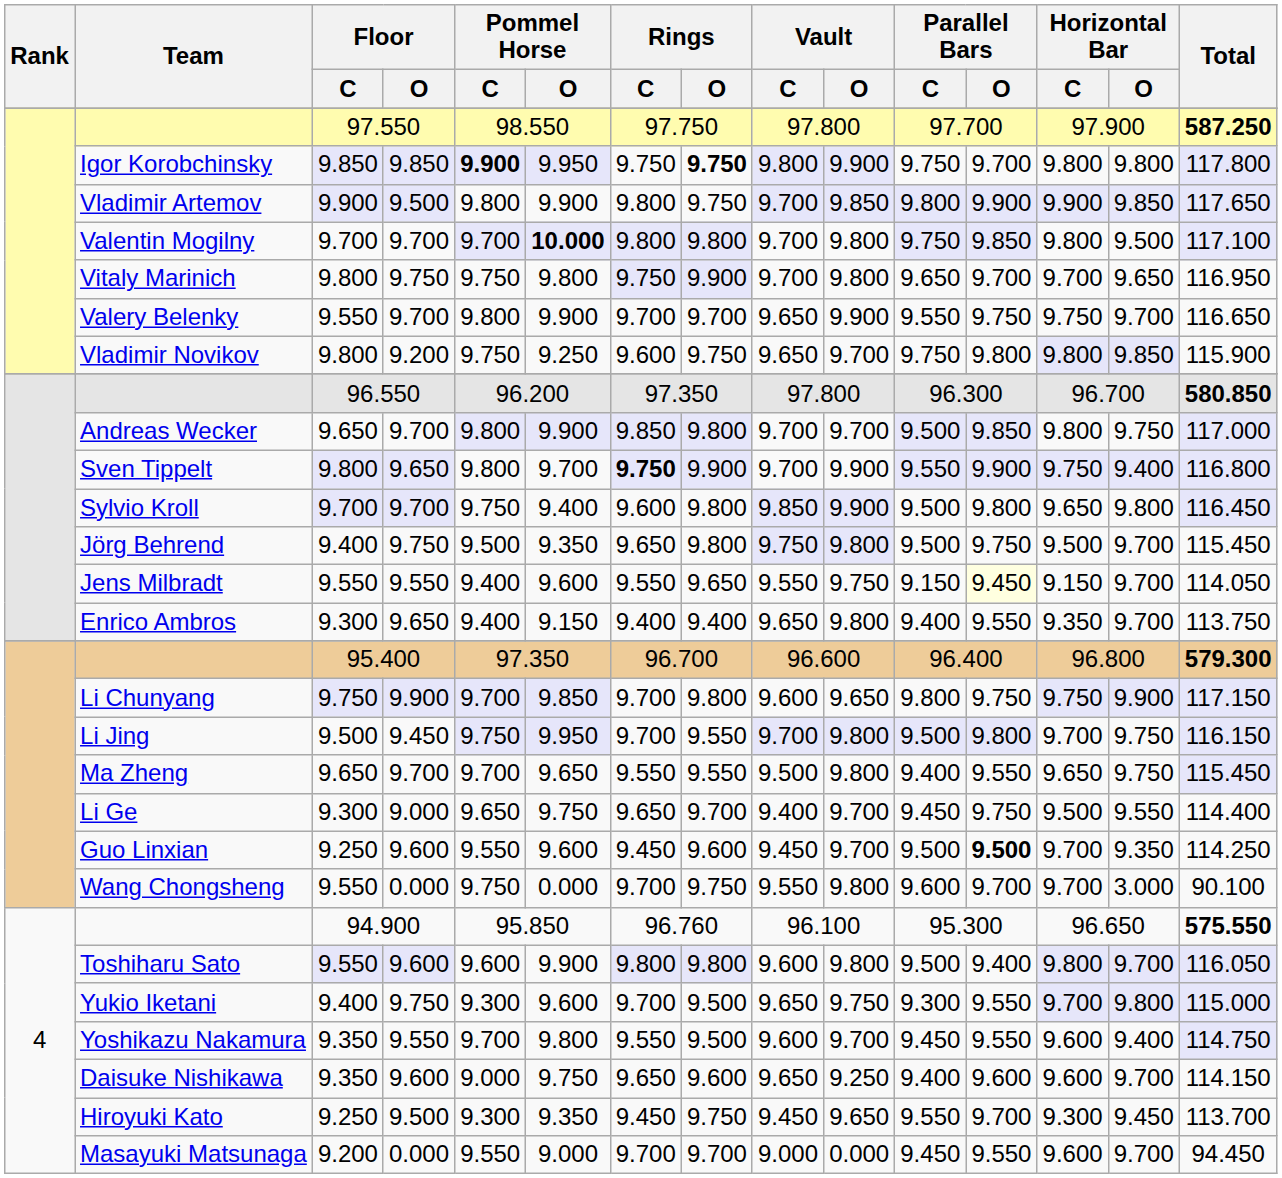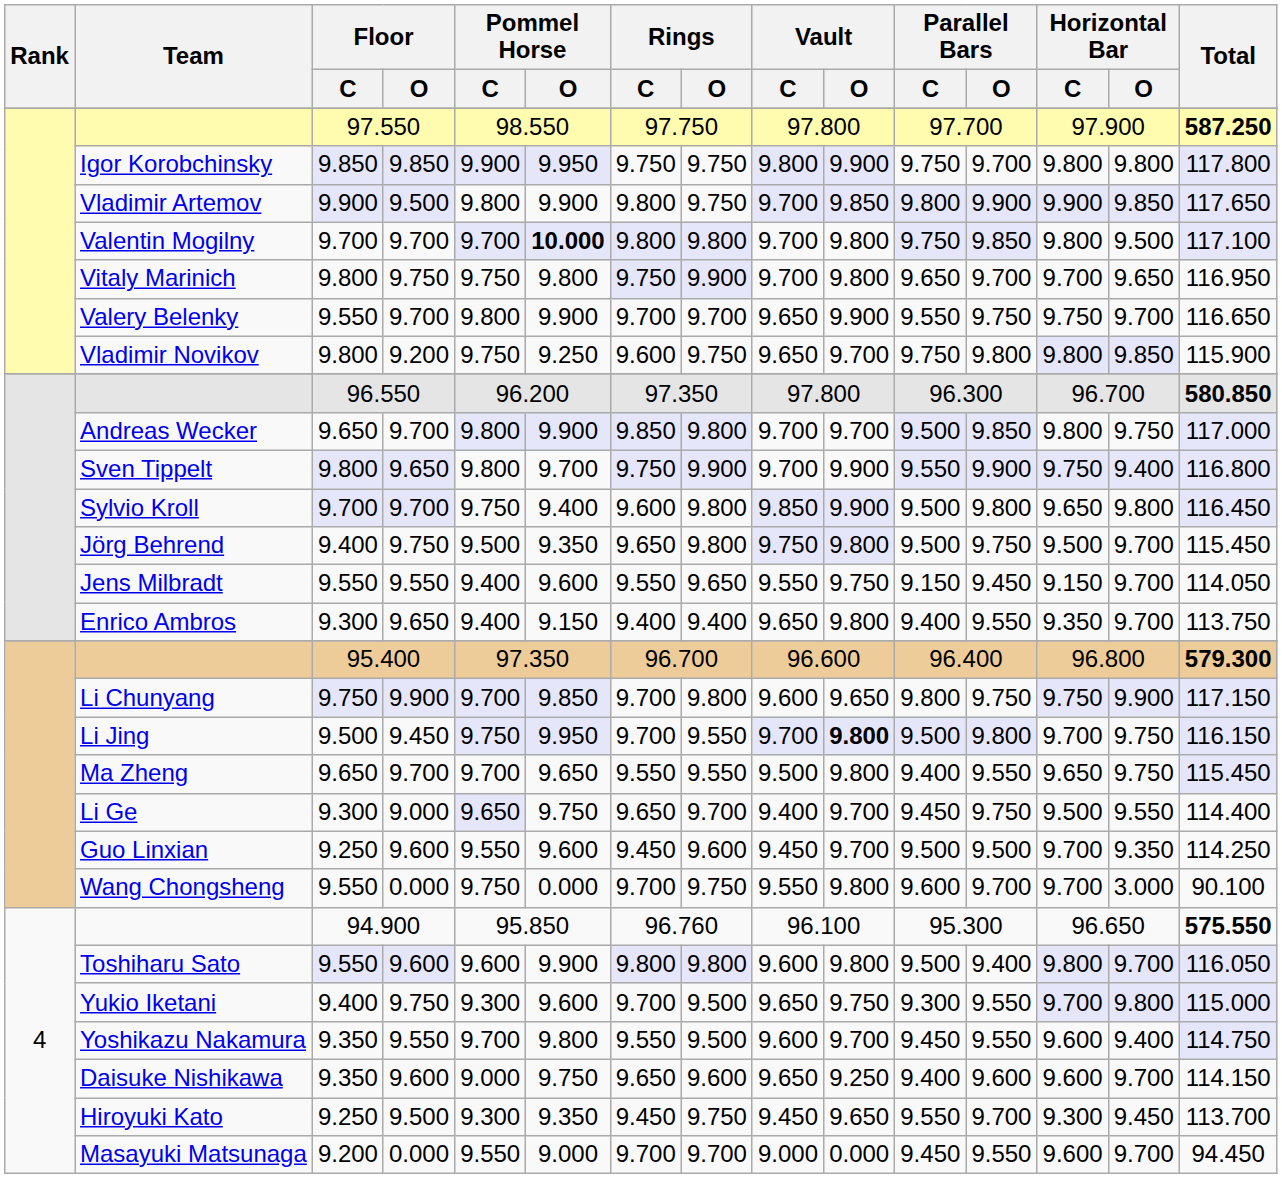 <table class="wikitable" style="text-align:center">
 <tr>
 <th rowspan=2>Rank</th>
 <th rowspan=2>Team</th>
 <th colspan=2>Floor</th>
 <th colspan=2>Pommel<br>Horse</th>
 <th colspan=2>Rings</th>
 <th colspan=2>Vault</th>
 <th colspan=2>Parallel<br>Bars</th>
 <th colspan=2>Horizontal<br>Bar</th>
 <th rowspan=2>Total</th>
 </tr>
 <tr>
 <th>C</th>
 <th>O</th>
 <th>C</th>
 <th>O</th>
 <th>C</th>
 <th>O</th>
 <th>C</th>
 <th>O</th>
 <th>C</th>
 <th>O</th>
 <th>C</th>
 <th>O</th>
 </tr>
 <tr>
 </tr>
 <tr style="background:#fffcaf;">
 <td rowspan=7></td>
 <td align=left></td>
 <td colspan=2>97.550</td>
 <td colspan=2>98.550</td>
 <td colspan=2>97.750</td>
 <td colspan=2>97.800</td>
 <td colspan=2>97.700</td>
 <td colspan=2>97.900</td>
 <td><strong>587.250</strong></td>
 </tr>
 <tr>
 <td align=left><a href='#'>Igor Korobchinsky</a></td>
 <td bgcolor="lavender">9.850</td>
 <td bgcolor="lavender">9.850</td>
-<td bgcolor="lavender"><strong>9.900</strong></td>
+<td bgcolor="lavender">9.900</td>
 <td bgcolor="lavender">9.950</td>
 <td>9.750</td>
-<td><strong>9.750</strong></td>
+<td>9.750</td>
 <td bgcolor="lavender">9.800</td>
 <td bgcolor="lavender">9.900</td>
 <td>9.750</td>
 <td>9.700</td>
 <td>9.800</td>
 <td>9.800</td>
 <td bgcolor="lavender">117.800</td>
 </tr>
 <tr>
 <td align=left><a href='#'>Vladimir Artemov</a></td>
 <td bgcolor="lavender">9.900</td>
 <td bgcolor="lavender">9.500</td>
 <td>9.800</td>
 <td>9.900</td>
 <td>9.800</td>
 <td>9.750</td>
 <td bgcolor="lavender">9.700</td>
 <td bgcolor="lavender">9.850</td>
 <td bgcolor="lavender">9.800</td>
 <td bgcolor="lavender">9.900</td>
 <td bgcolor="lavender">9.900</td>
 <td bgcolor="lavender">9.850</td>
 <td bgcolor="lavender">117.650</td>
 </tr>
 <tr>
 <td align=left><a href='#'>Valentin Mogilny</a></td>
 <td>9.700</td>
 <td>9.700</td>
 <td bgcolor="lavender">9.700</td>
 <td bgcolor="lavender"><strong>10.000</strong></td>
 <td bgcolor="lavender">9.800</td>
 <td bgcolor="lavender">9.800</td>
 <td>9.700</td>
 <td>9.800</td>
 <td bgcolor="lavender">9.750</td>
 <td bgcolor="lavender">9.850</td>
 <td>9.800</td>
 <td>9.500</td>
 <td bgcolor="lavender">117.100</td>
 </tr>
 <tr>
 <td align=left><a href='#'>Vitaly Marinich</a></td>
 <td>9.800</td>
 <td>9.750</td>
 <td>9.750</td>
 <td>9.800</td>
 <td bgcolor="lavender">9.750</td>
 <td bgcolor="lavender">9.900</td>
 <td>9.700</td>
 <td>9.800</td>
 <td>9.650</td>
 <td>9.700</td>
 <td>9.700</td>
 <td>9.650</td>
 <td>116.950</td>
 </tr>
 <tr>
 <td align=left><a href='#'>Valery Belenky</a></td>
 <td>9.550</td>
 <td>9.700</td>
 <td>9.800</td>
 <td>9.900</td>
 <td>9.700</td>
 <td>9.700</td>
 <td>9.650</td>
 <td>9.900</td>
 <td>9.550</td>
 <td>9.750</td>
 <td>9.750</td>
 <td>9.700</td>
 <td>116.650</td>
 </tr>
 <tr>
 <td align=left><a href='#'>Vladimir Novikov</a></td>
 <td>9.800</td>
 <td>9.200</td>
 <td>9.750</td>
 <td>9.250</td>
 <td>9.600</td>
 <td>9.750</td>
 <td>9.650</td>
 <td>9.700</td>
 <td>9.750</td>
 <td>9.800</td>
 <td bgcolor="lavender">9.800</td>
 <td bgcolor="lavender">9.850</td>
 <td>115.900</td>
 </tr>
 <tr>
 </tr>
 <tr style="background:#e5e5e5;">
 <td rowspan=7></td>
 <td align=left></td>
 <td colspan=2>96.550</td>
 <td colspan=2>96.200</td>
 <td colspan=2>97.350</td>
 <td colspan=2>97.800</td>
 <td colspan=2>96.300</td>
 <td colspan=2>96.700</td>
 <td><strong>580.850</strong></td>
 </tr>
 <tr>
 <td align=left><a href='#'>Andreas Wecker</a></td>
 <td>9.650</td>
 <td>9.700</td>
 <td bgcolor="lavender">9.800</td>
 <td bgcolor="lavender">9.900</td>
 <td bgcolor="lavender">9.850</td>
 <td bgcolor="lavender">9.800</td>
 <td>9.700</td>
 <td>9.700</td>
 <td bgcolor="lavender">9.500</td>
 <td bgcolor="lavender">9.850</td>
 <td>9.800</td>
 <td>9.750</td>
 <td bgcolor="lavender">117.000</td>
 </tr>
 <tr>
 <td align=left><a href='#'>Sven Tippelt</a></td>
 <td bgcolor="lavender">9.800</td>
 <td bgcolor="lavender">9.650</td>
 <td>9.800</td>
 <td>9.700</td>
-<td bgcolor="lavender"><strong>9.750</strong></td>
+<td bgcolor="lavender">9.750</td>
 <td bgcolor="lavender">9.900</td>
 <td>9.700</td>
 <td>9.900</td>
 <td bgcolor="lavender">9.550</td>
 <td bgcolor="lavender">9.900</td>
 <td bgcolor="lavender">9.750</td>
 <td bgcolor="lavender">9.400</td>
 <td bgcolor="lavender">116.800</td>
 </tr>
 <tr>
 <td align=left><a href='#'>Sylvio Kroll</a></td>
 <td bgcolor="lavender">9.700</td>
 <td bgcolor="lavender">9.700</td>
 <td>9.750</td>
 <td>9.400</td>
 <td>9.600</td>
 <td>9.800</td>
 <td bgcolor="lavender">9.850</td>
 <td bgcolor="lavender">9.900</td>
 <td>9.500</td>
 <td>9.800</td>
 <td>9.650</td>
 <td>9.800</td>
 <td bgcolor="lavender">116.450</td>
 </tr>
 <tr>
 <td align=left><a href='#'>Jörg Behrend</a></td>
 <td>9.400</td>
 <td>9.750</td>
 <td>9.500</td>
 <td>9.350</td>
 <td>9.650</td>
 <td>9.800</td>
 <td bgcolor="lavender">9.750</td>
 <td bgcolor="lavender">9.800</td>
 <td>9.500</td>
 <td>9.750</td>
 <td>9.500</td>
 <td>9.700</td>
 <td>115.450</td>
 </tr>
 <tr>
 <td align=left><a href='#'>Jens Milbradt</a></td>
 <td>9.550</td>
 <td>9.550</td>
 <td>9.400</td>
 <td>9.600</td>
 <td>9.550</td>
 <td>9.650</td>
 <td>9.550</td>
 <td>9.750</td>
 <td>9.150</td>
-<td style="background: lightyellow;">9.450</td>
+<td>9.450</td>
 <td>9.150</td>
 <td>9.700</td>
 <td>114.050</td>
 </tr>
 <tr>
 <td align=left><a href='#'>Enrico Ambros</a></td>
 <td>9.300</td>
 <td>9.650</td>
 <td>9.400</td>
 <td>9.150</td>
 <td>9.400</td>
 <td>9.400</td>
 <td>9.650</td>
 <td>9.800</td>
 <td>9.400</td>
 <td>9.550</td>
 <td>9.350</td>
 <td>9.700</td>
 <td>113.750</td>
 </tr>
 <tr>
 </tr>
 <tr style="background:#ec9;">
 <td rowspan=7></td>
 <td align=left></td>
 <td colspan=2>95.400</td>
 <td colspan=2>97.350</td>
 <td colspan=2>96.700</td>
 <td colspan=2>96.600</td>
 <td colspan=2>96.400</td>
 <td colspan=2>96.800</td>
 <td><strong>579.300</strong></td>
 </tr>
 <tr>
 <td align=left><a href='#'>Li Chunyang</a></td>
 <td bgcolor="lavender">9.750</td>
 <td bgcolor="lavender">9.900</td>
 <td bgcolor="lavender">9.700</td>
 <td bgcolor="lavender">9.850</td>
 <td>9.700</td>
 <td>9.800</td>
 <td>9.600</td>
 <td>9.650</td>
 <td>9.800</td>
 <td>9.750</td>
 <td bgcolor="lavender">9.750</td>
 <td bgcolor="lavender">9.900</td>
 <td bgcolor="lavender">117.150</td>
 </tr>
 <tr>
 <td align=left><a href='#'>Li Jing</a></td>
 <td>9.500</td>
 <td>9.450</td>
 <td bgcolor="lavender">9.750</td>
 <td bgcolor="lavender">9.950</td>
 <td>9.700</td>
 <td>9.550</td>
 <td bgcolor="lavender">9.700</td>
-<td bgcolor="lavender">9.800</td>
+<td bgcolor="lavender"><strong>9.800</strong></td>
 <td bgcolor="lavender">9.500</td>
 <td bgcolor="lavender">9.800</td>
 <td>9.700</td>
 <td>9.750</td>
 <td bgcolor="lavender">116.150</td>
 </tr>
 <tr>
 <td align=left><a href='#'>Ma Zheng</a></td>
 <td>9.650</td>
 <td>9.700</td>
 <td>9.700</td>
 <td>9.650</td>
 <td>9.550</td>
 <td>9.550</td>
 <td>9.500</td>
 <td>9.800</td>
 <td>9.400</td>
 <td>9.550</td>
 <td>9.650</td>
 <td>9.750</td>
 <td bgcolor="lavender">115.450</td>
 </tr>
 <tr>
 <td align=left><a href='#'>Li Ge</a></td>
 <td>9.300</td>
 <td>9.000</td>
-<td>9.650</td>
+<td style="background: lavender;">9.650</td>
 <td>9.750</td>
 <td>9.650</td>
 <td>9.700</td>
 <td>9.400</td>
 <td>9.700</td>
 <td>9.450</td>
 <td>9.750</td>
 <td>9.500</td>
 <td>9.550</td>
 <td>114.400</td>
 </tr>
 <tr>
 <td align=left><a href='#'>Guo Linxian</a></td>
 <td>9.250</td>
 <td>9.600</td>
 <td>9.550</td>
 <td>9.600</td>
 <td>9.450</td>
 <td>9.600</td>
 <td>9.450</td>
 <td>9.700</td>
 <td>9.500</td>
-<td><strong>9.500</strong></td>
+<td>9.500</td>
 <td>9.700</td>
 <td>9.350</td>
 <td>114.250</td>
 </tr>
 <tr>
 <td align=left><a href='#'>Wang Chongsheng</a></td>
 <td>9.550</td>
 <td>0.000</td>
 <td>9.750</td>
 <td>0.000</td>
 <td>9.700</td>
 <td>9.750</td>
 <td>9.550</td>
 <td>9.800</td>
 <td>9.600</td>
 <td>9.700</td>
 <td>9.700</td>
 <td>3.000</td>
 <td>90.100</td>
 </tr>
 <tr>
 <td rowspan=7>4</td>
 <td align=left></td>
 <td colspan=2>94.900</td>
 <td colspan=2>95.850</td>
 <td colspan=2>96.760</td>
 <td colspan=2>96.100</td>
 <td colspan=2>95.300</td>
 <td colspan=2>96.650</td>
 <td><strong>575.550</strong></td>
 </tr>
 <tr>
 <td align=left><a href='#'>Toshiharu Sato</a></td>
 <td bgcolor="lavender">9.550</td>
 <td bgcolor="lavender">9.600</td>
 <td>9.600</td>
 <td>9.900</td>
 <td bgcolor="lavender">9.800</td>
 <td bgcolor="lavender">9.800</td>
 <td>9.600</td>
 <td>9.800</td>
 <td>9.500</td>
 <td>9.400</td>
 <td bgcolor="lavender">9.800</td>
 <td bgcolor="lavender">9.700</td>
 <td bgcolor="lavender">116.050</td>
 </tr>
 <tr>
 <td align=left><a href='#'>Yukio Iketani</a></td>
 <td>9.400</td>
 <td>9.750</td>
 <td>9.300</td>
 <td>9.600</td>
 <td>9.700</td>
 <td>9.500</td>
 <td>9.650</td>
 <td>9.750</td>
 <td>9.300</td>
 <td>9.550</td>
 <td bgcolor="lavender">9.700</td>
 <td bgcolor="lavender">9.800</td>
 <td bgcolor="lavender">115.000</td>
 </tr>
 <tr>
 <td align=left><a href='#'>Yoshikazu Nakamura</a></td>
 <td>9.350</td>
 <td>9.550</td>
 <td>9.700</td>
 <td>9.800</td>
 <td>9.550</td>
 <td>9.500</td>
 <td>9.600</td>
 <td>9.700</td>
 <td>9.450</td>
 <td>9.550</td>
 <td>9.600</td>
 <td>9.400</td>
 <td bgcolor="lavender">114.750</td>
 </tr>
 <tr>
 <td align=left><a href='#'>Daisuke Nishikawa</a></td>
 <td>9.350</td>
 <td>9.600</td>
 <td>9.000</td>
 <td>9.750</td>
 <td>9.650</td>
 <td>9.600</td>
 <td>9.650</td>
 <td>9.250</td>
 <td>9.400</td>
 <td>9.600</td>
 <td>9.600</td>
 <td>9.700</td>
 <td>114.150</td>
 </tr>
 <tr>
 <td align=left><a href='#'>Hiroyuki Kato</a></td>
 <td>9.250</td>
 <td>9.500</td>
 <td>9.300</td>
 <td>9.350</td>
 <td>9.450</td>
 <td>9.750</td>
 <td>9.450</td>
 <td>9.650</td>
 <td>9.550</td>
 <td>9.700</td>
 <td>9.300</td>
 <td>9.450</td>
 <td>113.700</td>
 </tr>
 <tr>
 <td align=left><a href='#'>Masayuki Matsunaga</a></td>
 <td>9.200</td>
 <td>0.000</td>
 <td>9.550</td>
 <td>9.000</td>
 <td>9.700</td>
 <td>9.700</td>
 <td>9.000</td>
 <td>0.000</td>
 <td>9.450</td>
 <td>9.550</td>
 <td>9.600</td>
 <td>9.700</td>
 <td>94.450</td>
 </tr>
 </table>
